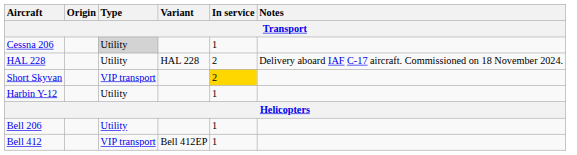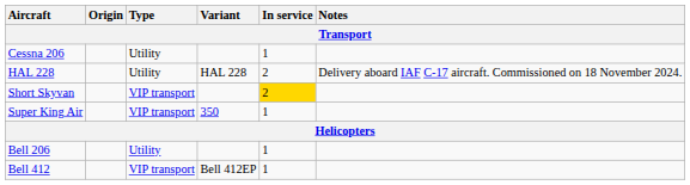 <table class="wikitable">
 <tr>
 <th style="text-align: left;">Aircraft</th>
 <th style="text-align: left;">Origin</th>
 <th style="text-align: left;">Type</th>
 <th style="text-align: left;">Variant</th>
 <th style="text-align: left;">In service</th>
 <th style="text-align: left;">Notes</th>
 </tr>
 <tr>
 <th colspan="6" style="align: center;"><a href='#'>Transport</a></th>
 </tr>
 <tr>
 <td><a href='#'>Cessna 206</a></td>
 <td></td>
-<td style="background: lightgrey;">Utility</td>
+<td>Utility</td>
 <td></td>
 <td>1</td>
 <td></td>
 </tr>
 <tr>
 <td><a href='#'>HAL 228</a></td>
 <td></td>
 <td>Utility</td>
 <td>HAL 228</td>
 <td>2</td>
 <td>Delivery aboard <a href='#'>IAF</a> <a href='#'>C-17</a> aircraft. Commissioned on 18 November 2024.</td>
 </tr>
 <tr>
 <td><a href='#'>Short Skyvan</a></td>
 <td></td>
 <td><a href='#'>VIP transport</a></td>
 <td></td>
 <td style="background: gold;">2</td>
 <td></td>
 </tr>
 <tr>
-<td><a href='#'>Harbin Y-12</a></td>
+<td><a href='#'>Super King Air</a></td>
 <td></td>
-<td>Utility</td>
-<td></td>
+<td><a href='#'>VIP transport</a></td>
+<td><a href='#'>350</a></td>
 <td>1</td>
 <td></td>
 </tr>
 <tr>
 <th colspan="6" style="align: center;"><a href='#'>Helicopters</a></th>
 </tr>
 <tr>
 <td><a href='#'>Bell 206</a></td>
 <td></td>
 <td><a href='#'>Utility</a></td>
 <td></td>
 <td>1</td>
 <td></td>
 </tr>
 <tr>
 <td><a href='#'>Bell 412</a></td>
 <td></td>
 <td><a href='#'>VIP transport</a></td>
 <td>Bell 412EP</td>
 <td>1</td>
 <td></td>
 </tr>
 </table>
